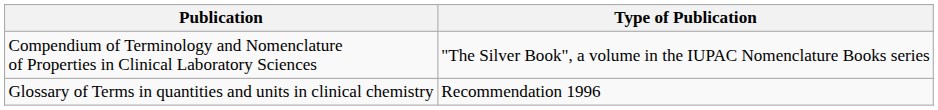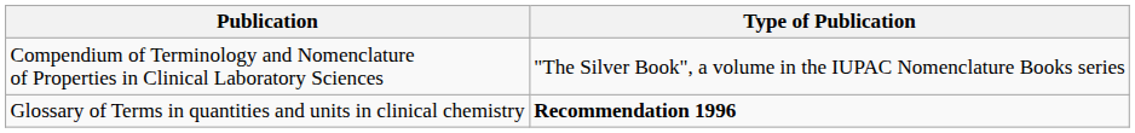 <table class="wikitable">
 <tr>
 <th>Publication</th>
 <th>Type of Publication</th>
 </tr>
 <tr>
 <td>Compendium of Terminology and Nomenclature<br>of Properties in Clinical Laboratory Sciences</td>
 <td>"The Silver Book", a volume in the IUPAC Nomenclature Books series</td>
 </tr>
 <tr>
 <td>Glossary of Terms in quantities and units in clinical chemistry</td>
-<td>Recommendation 1996</td>
+<td><strong>Recommendation 1996</strong></td>
 </tr>
 </table>
